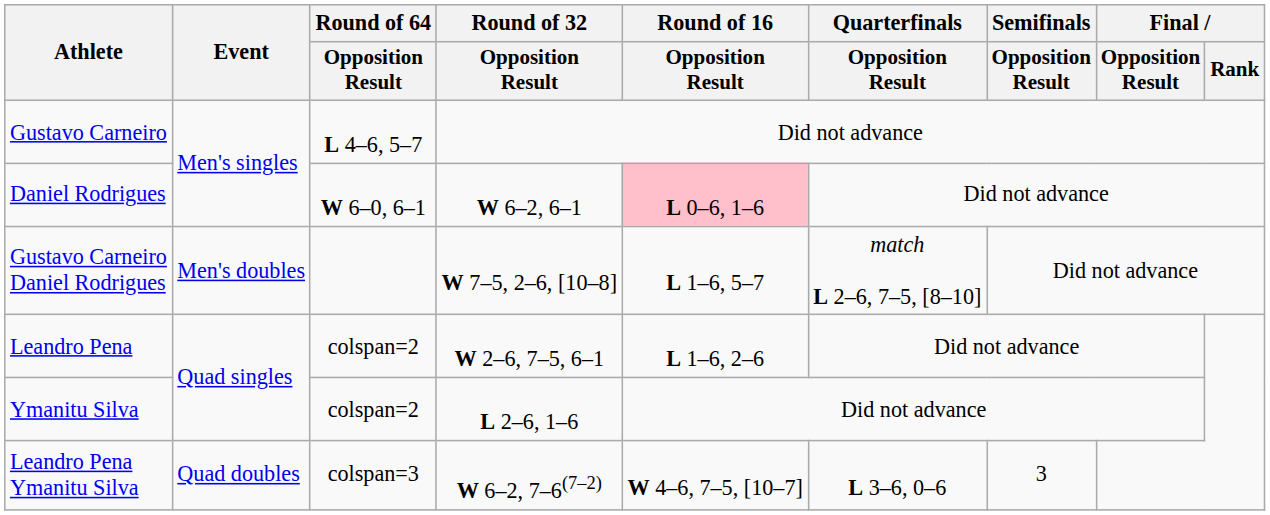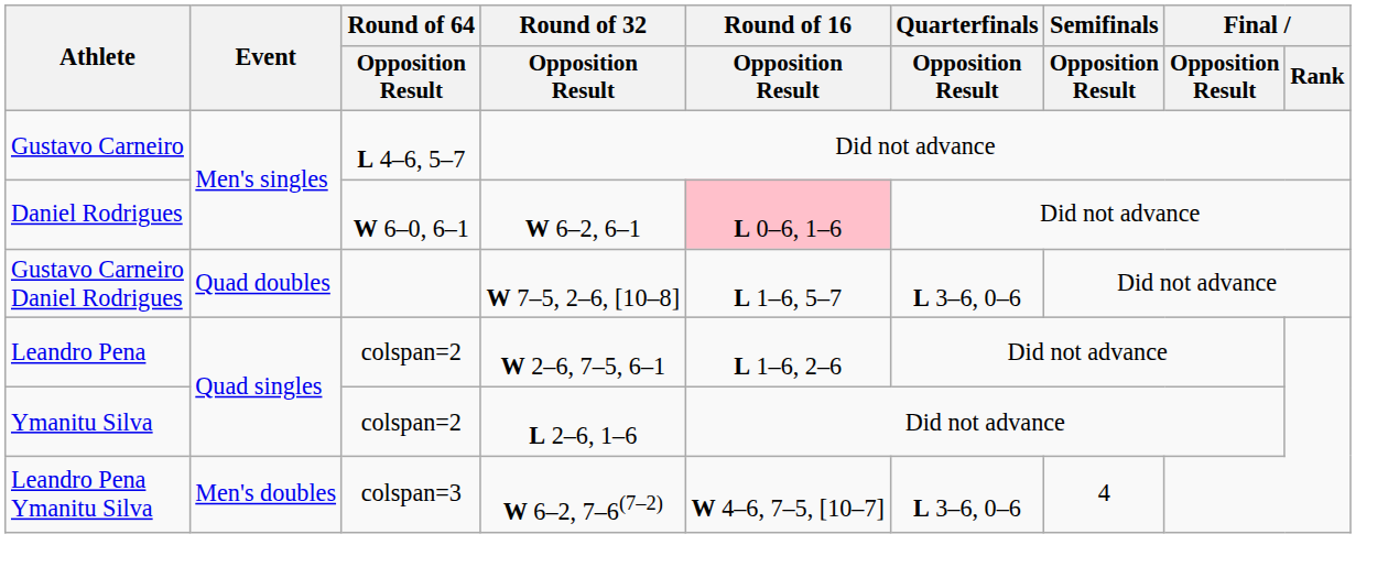 <table class="wikitable" style="font-size:90%;">
 <tr>
 <th rowspan=2>Athlete</th>
 <th rowspan=2>Event</th>
 <th>Round of 64</th>
 <th>Round of 32</th>
 <th>Round of 16</th>
 <th>Quarterfinals</th>
 <th>Semifinals</th>
 <th colspan=2>Final / </th>
 </tr>
 <tr style="font-size:95%">
 <th>Opposition<br>Result</th>
 <th>Opposition<br>Result</th>
 <th>Opposition<br>Result</th>
 <th>Opposition<br>Result</th>
 <th>Opposition<br>Result</th>
 <th>Opposition<br>Result</th>
 <th>Rank</th>
 </tr>
 <tr align=center>
 <td align=left><a href='#'>Gustavo Carneiro</a></td>
 <td rowspan=2 align=left><a href='#'>Men's singles</a></td>
 <td><br><strong>L</strong> 4–6, 5–7</td>
 <td colspan=6>Did not advance</td>
 </tr>
 <tr align=center>
 <td align=left><a href='#'>Daniel Rodrigues</a></td>
 <td><br><strong>W</strong> 6–0, 6–1</td>
 <td><br><strong>W</strong> 6–2, 6–1</td>
 <td style="background: pink;"><br><strong>L</strong> 0–6, 1–6</td>
 <td colspan=4>Did not advance</td>
 </tr>
 <tr align=center>
 <td align=left><a href='#'>Gustavo Carneiro</a><br><a href='#'>Daniel Rodrigues</a></td>
-<td align=left><a href='#'>Men's doubles</a></td>
+<td align=left><a href='#'>Quad doubles</a></td>
 <td></td>
 <td><br><strong>W</strong> 7–5, 2–6, [10–8]</td>
 <td><br><strong>L</strong> 1–6, 5–7</td>
-<td><em> match</em><br><br><strong>L</strong> 2–6, 7–5, [8–10]</td>
+<td><br><strong>L</strong> 3–6, 0–6</td>
 <td colspan=3>Did not advance</td>
 </tr>
 <tr align=center>
 <td align=left><a href='#'>Leandro Pena</a></td>
 <td rowspan=2 align=left><a href='#'>Quad singles</a></td>
 <td>colspan=2 </td>
 <td><br><strong>W</strong> 2–6, 7–5, 6–1</td>
 <td><br><strong>L</strong> 1–6, 2–6</td>
 <td colspan=3>Did not advance</td>
 </tr>
 <tr align=center>
 <td align=left><a href='#'>Ymanitu Silva</a></td>
 <td>colspan=2 </td>
 <td><br><strong>L</strong> 2–6, 1–6</td>
 <td colspan=4>Did not advance</td>
 </tr>
 <tr align=center>
 <td align=left><a href='#'>Leandro Pena</a><br><a href='#'>Ymanitu Silva</a></td>
-<td align=left><a href='#'>Quad doubles</a></td>
+<td align=left><a href='#'>Men's doubles</a></td>
 <td>colspan=3 </td>
 <td><br><strong>W</strong> 6–2, 7–6<sup>(7–2)</sup></td>
 <td><br><strong>W</strong> 4–6, 7–5, [10–7]</td>
 <td><br><strong>L</strong> 3–6, 0–6</td>
-<td>3</td>
+<td>4</td>
 </tr>
 </table>
